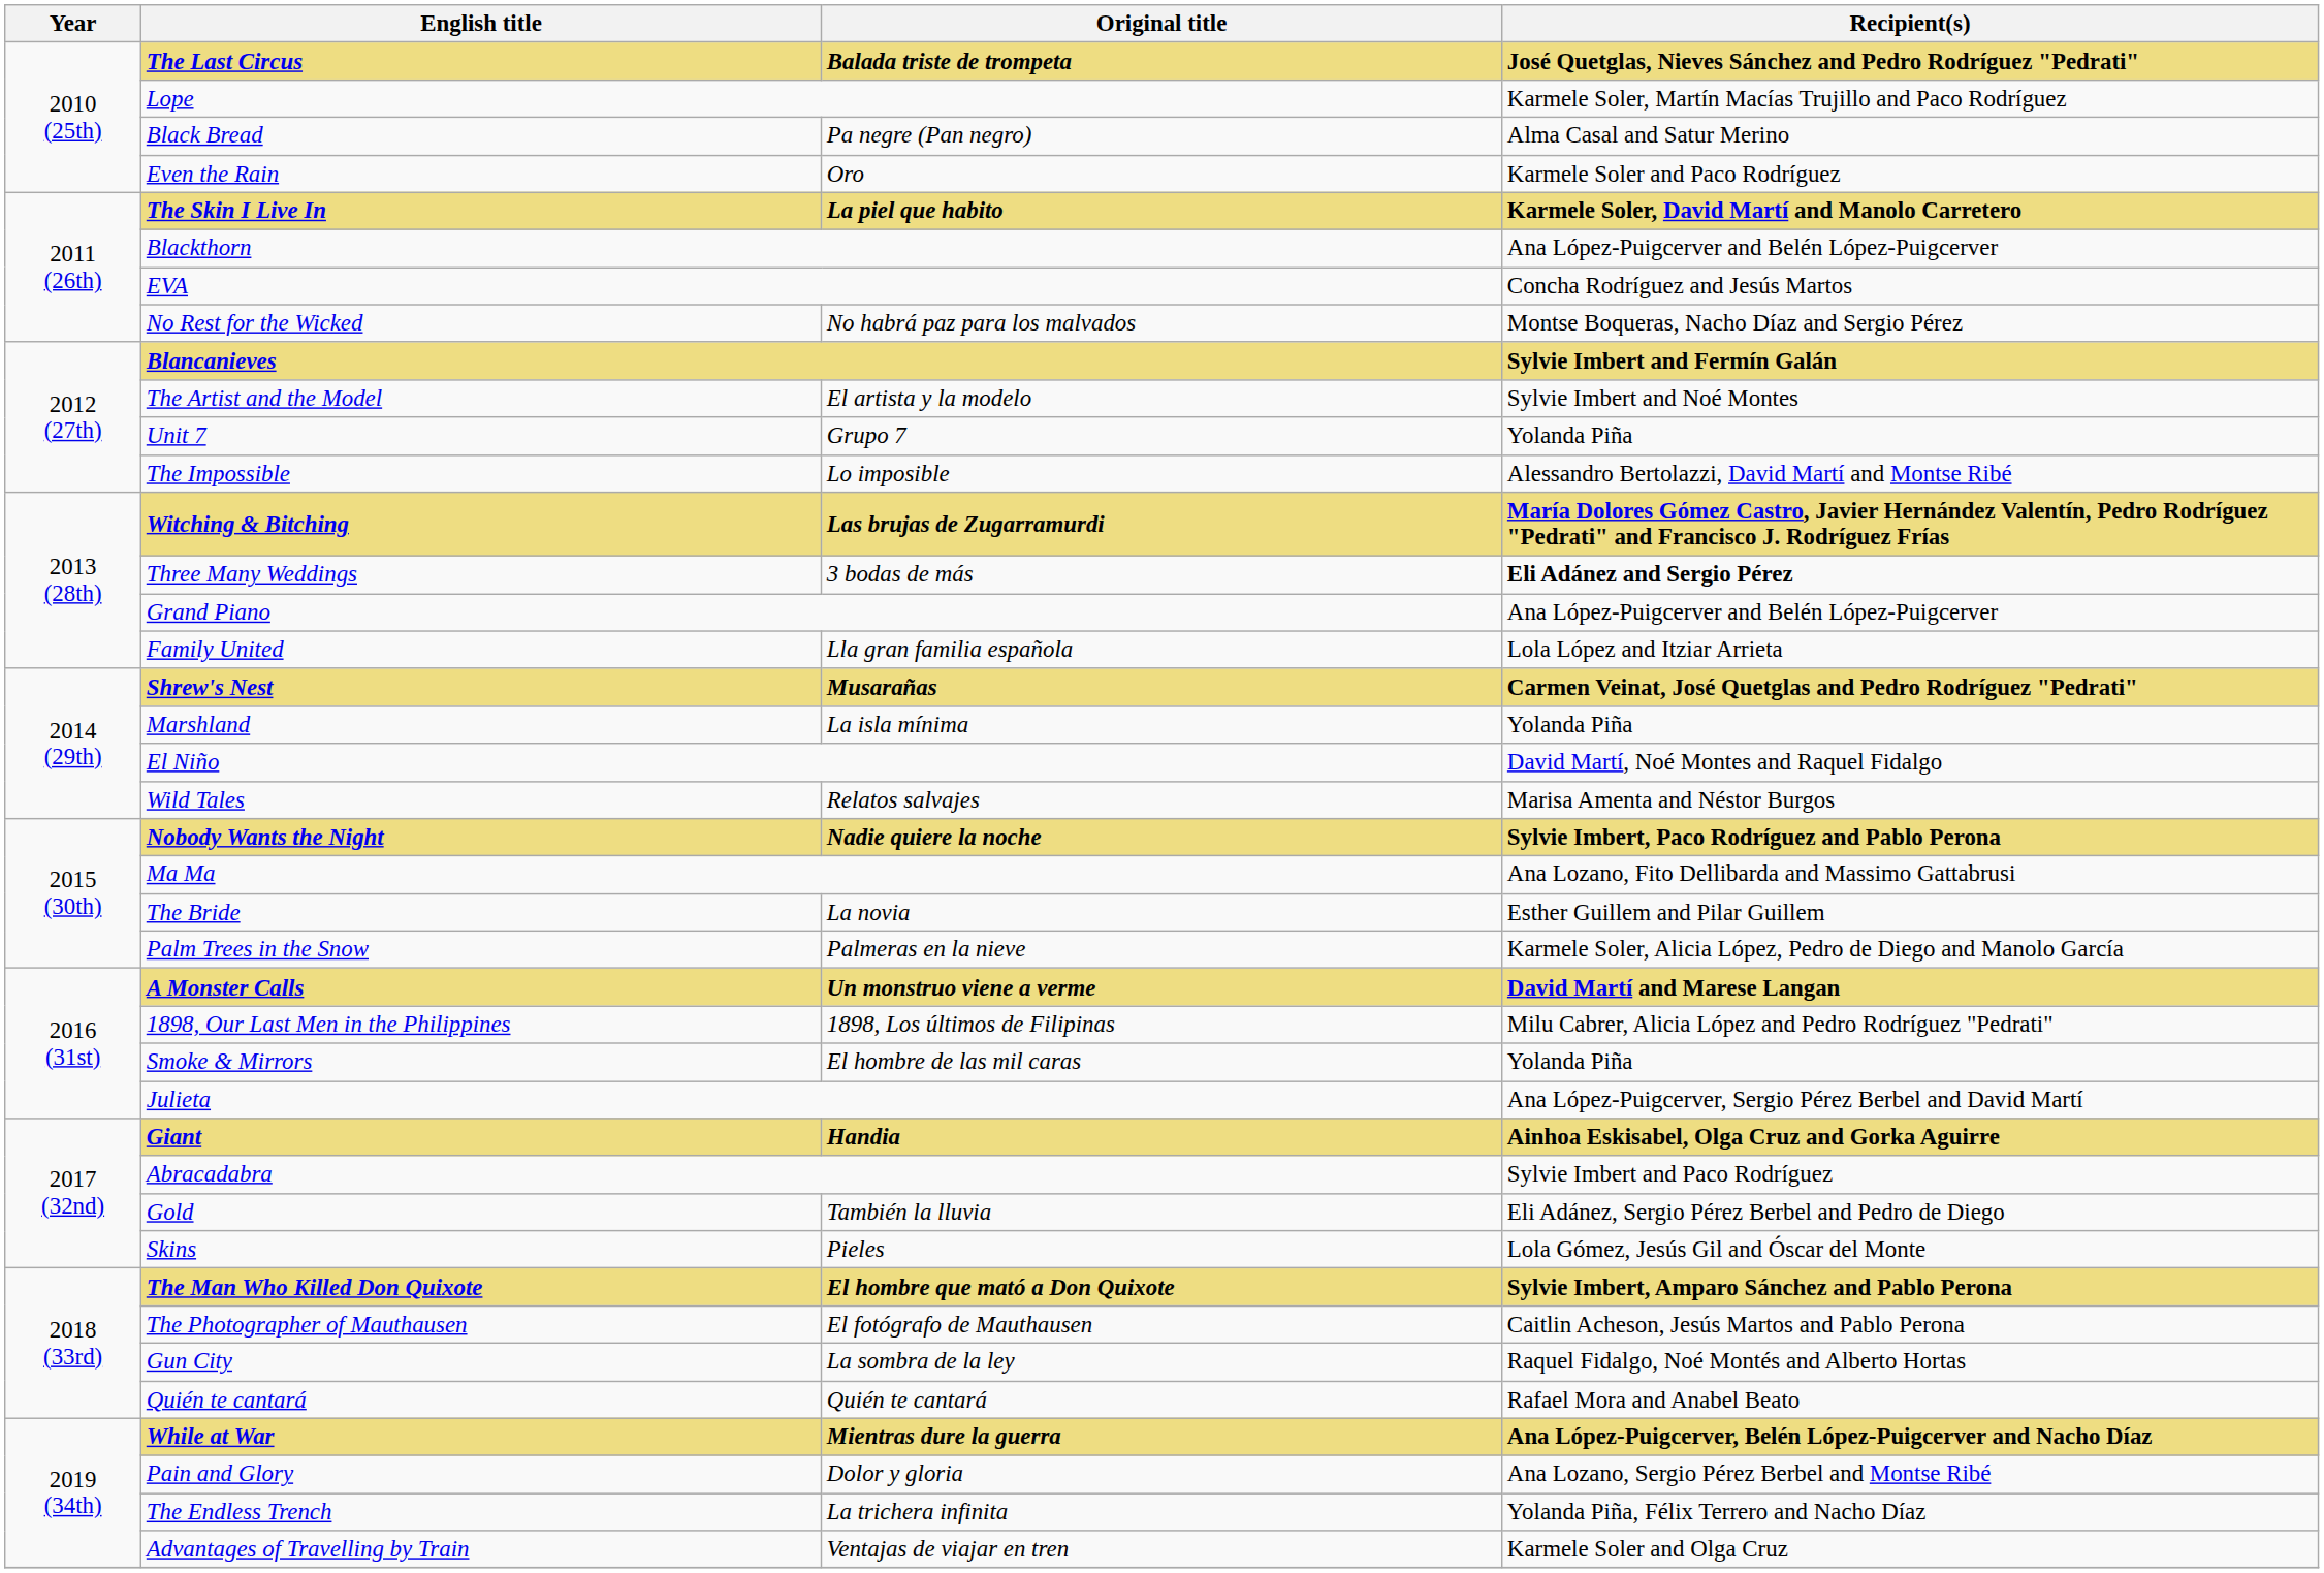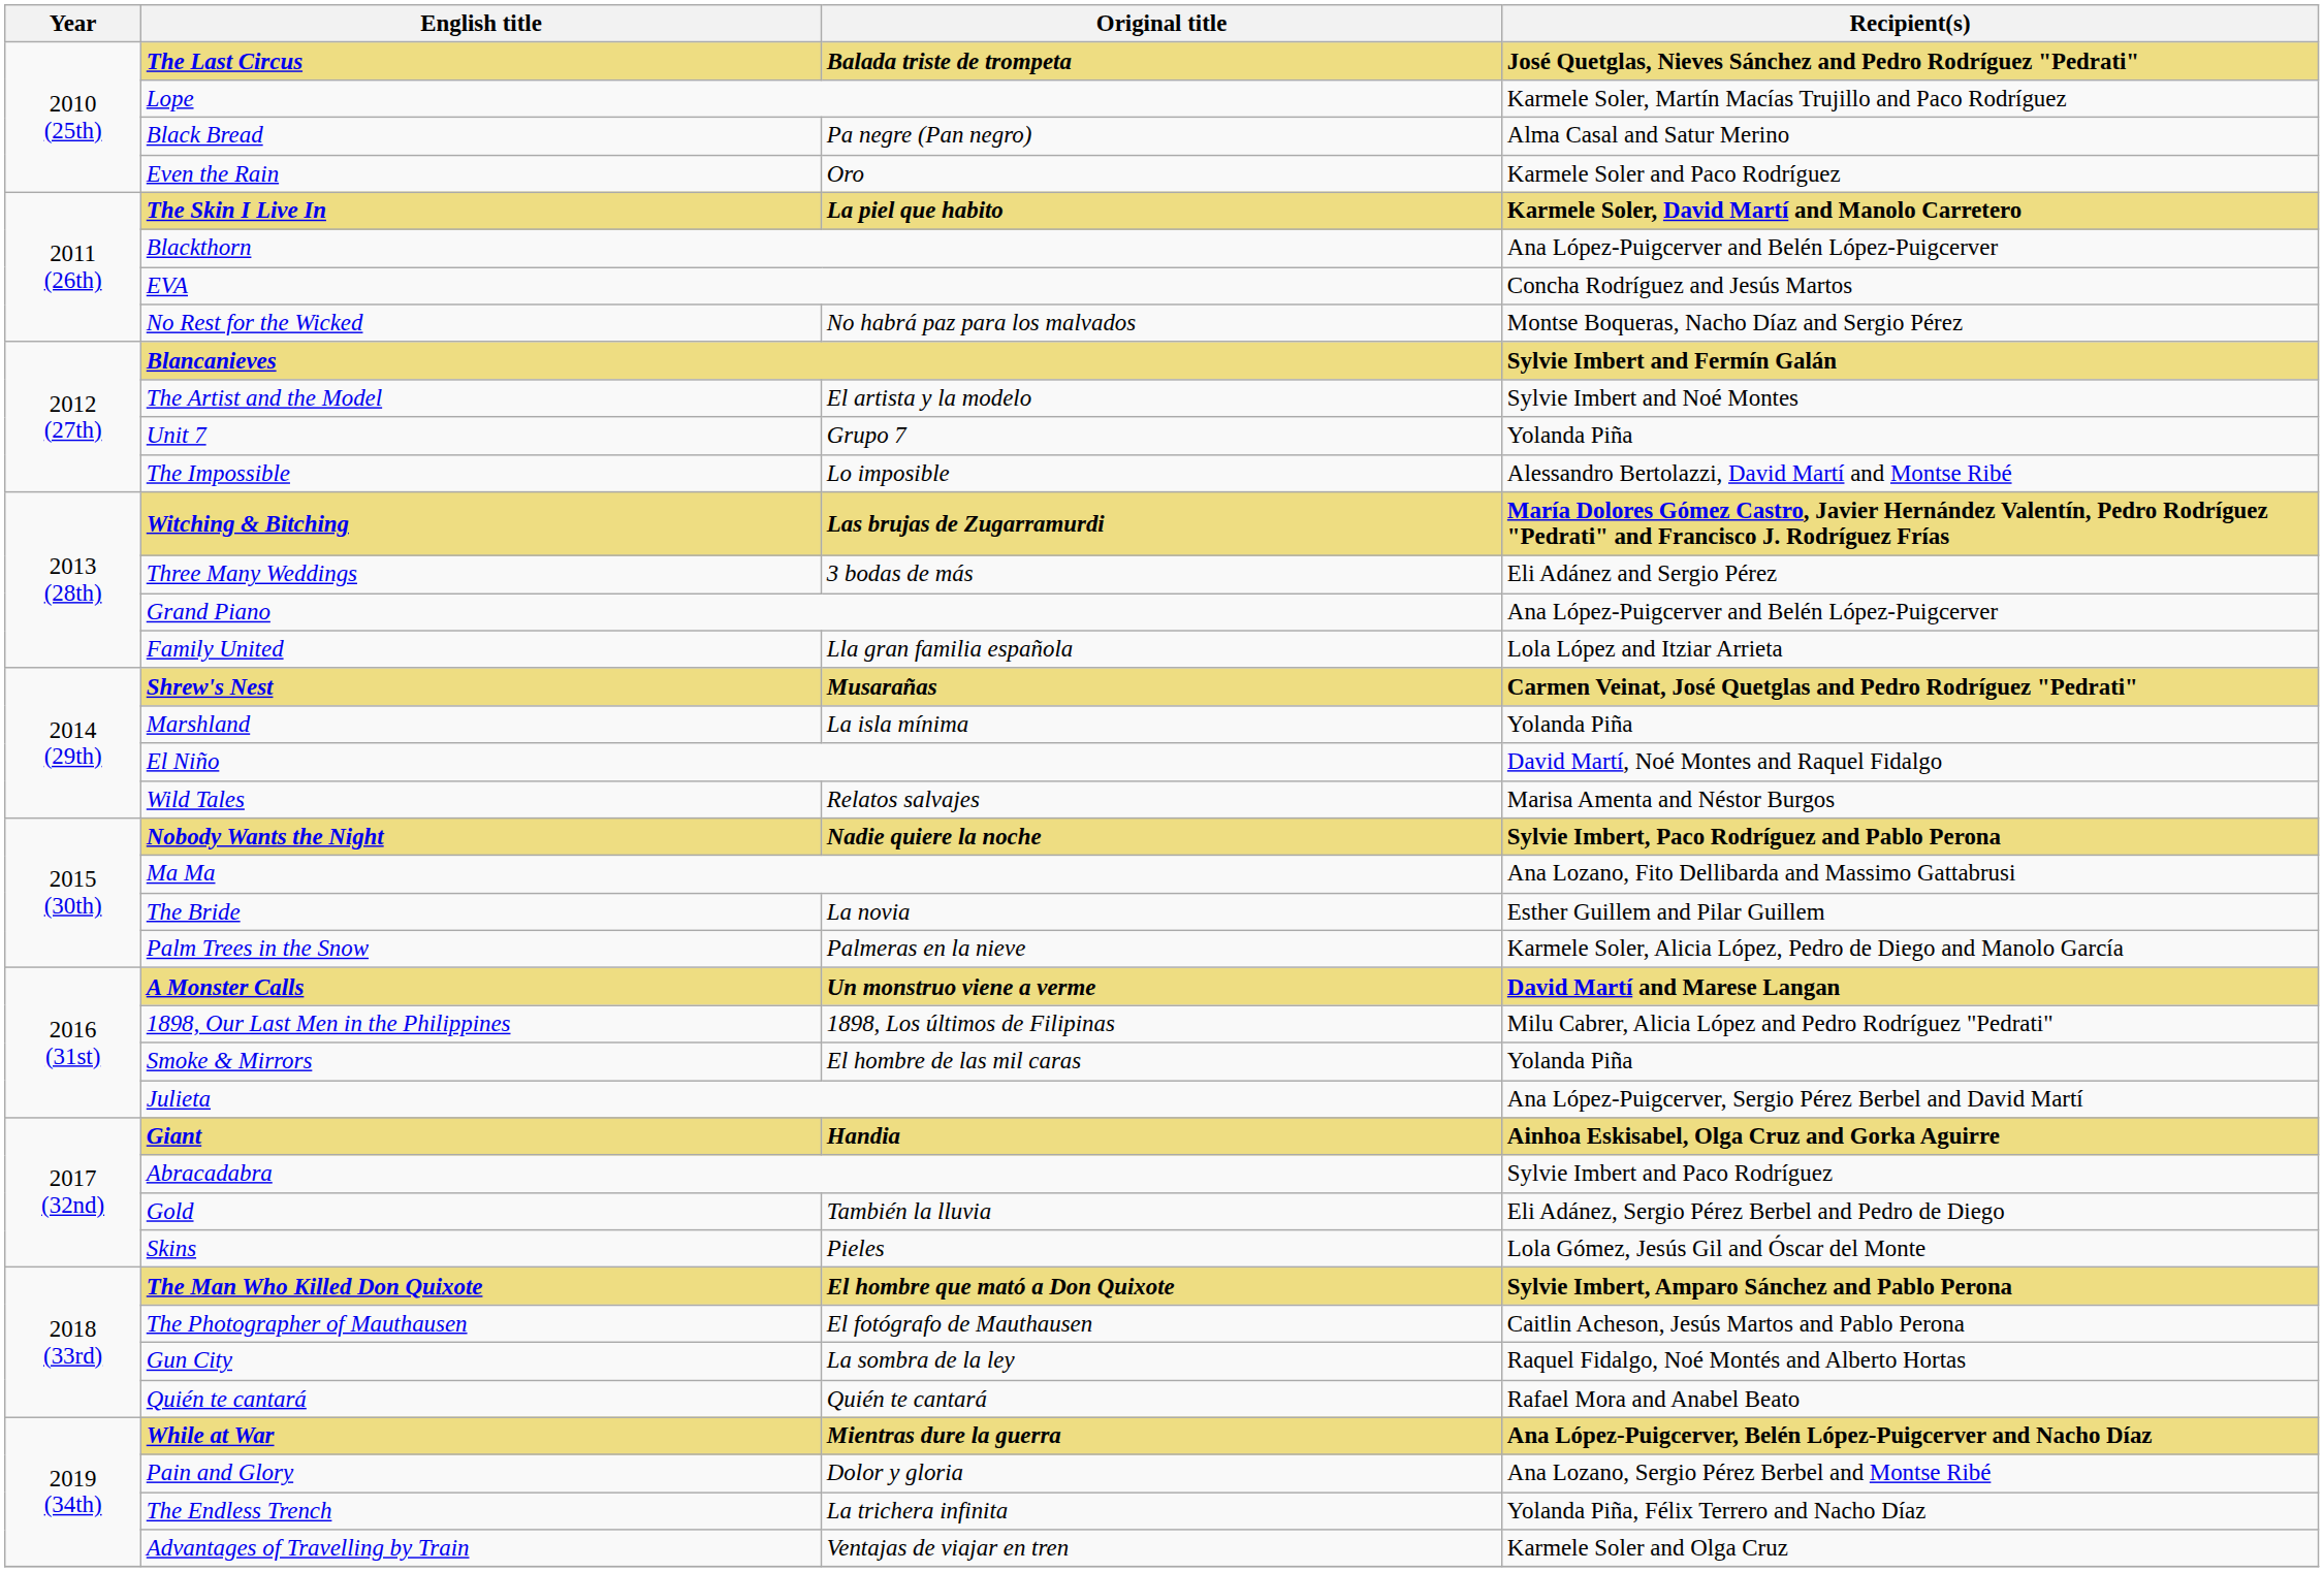 <table class="wikitable sortable" style="text-align:left;"style="width:95%">
 <tr>
 <th scope="col" style="width:5%;">Year</th>
 <th scope="col" style="width:25%;">English title</th>
 <th scope="col" style="width:25%;">Original title</th>
 <th scope="col" style="width:30%;">Recipient(s)</th>
 </tr>
 <tr>
 <td rowspan="4" style="text-align:center;">2010<br><a href='#'>(25th)</a> <br></td>
 <td style="background:#eedd82;"><strong><em><a href='#'>The Last Circus</a></em></strong></td>
 <td style="background:#eedd82;"><strong><em>Balada triste de trompeta</em></strong></td>
 <td style="background:#eedd82;"><strong>José Quetglas, Nieves Sánchez and Pedro Rodríguez "Pedrati"</strong></td>
 </tr>
 <tr>
 <td colspan="2"><em><a href='#'>Lope</a></em></td>
 <td>Karmele Soler, Martín Macías Trujillo and Paco Rodríguez</td>
 </tr>
 <tr>
 <td><em><a href='#'>Black Bread</a></em></td>
 <td><em>Pa negre (Pan negro)</em></td>
 <td>Alma Casal and Satur Merino</td>
 </tr>
 <tr>
 <td><em><a href='#'>Even the Rain</a></em></td>
 <td><em>Oro</em></td>
 <td>Karmele Soler and Paco Rodríguez</td>
 </tr>
 <tr>
 <td rowspan="4" style="text-align:center;">2011<br><a href='#'>(26th)</a> <br></td>
 <td style="background:#eedd82;"><strong><em><a href='#'>The Skin I Live In</a></em></strong></td>
 <td style="background:#eedd82;"><strong><em>La piel que habito</em></strong></td>
 <td style="background:#eedd82;"><strong>Karmele Soler, <a href='#'>David Martí</a> and Manolo Carretero</strong></td>
 </tr>
 <tr>
 <td colspan="2"><em><a href='#'>Blackthorn</a></em></td>
 <td>Ana López-Puigcerver and Belén López-Puigcerver</td>
 </tr>
 <tr>
 <td colspan="2"><em><a href='#'>EVA</a></em></td>
 <td>Concha Rodríguez and Jesús Martos</td>
 </tr>
 <tr>
 <td><em><a href='#'>No Rest for the Wicked</a></em></td>
 <td><em>No habrá paz para los malvados</em></td>
 <td>Montse Boqueras, Nacho Díaz and Sergio Pérez</td>
 </tr>
 <tr>
 <td rowspan="4" style="text-align:center;">2012<br><a href='#'>(27th)</a> <br></td>
 <td colspan="2" style="background:#eedd82;"><strong><em><a href='#'>Blancanieves</a></em></strong></td>
 <td style="background:#eedd82;"><strong>Sylvie Imbert and Fermín Galán</strong></td>
 </tr>
 <tr>
 <td><em><a href='#'>The Artist and the Model</a></em></td>
 <td><em>El artista y la modelo</em></td>
 <td>Sylvie Imbert and Noé Montes</td>
 </tr>
 <tr>
 <td><em><a href='#'>Unit 7</a></em></td>
 <td><em>Grupo 7</em></td>
 <td>Yolanda Piña</td>
 </tr>
 <tr>
 <td><em><a href='#'>The Impossible</a></em></td>
 <td><em>Lo imposible</em></td>
 <td>Alessandro Bertolazzi, <a href='#'>David Martí</a> and <a href='#'>Montse Ribé</a></td>
 </tr>
 <tr>
 <td rowspan="4" style="text-align:center;">2013<br><a href='#'>(28th)</a> <br></td>
 <td style="background:#eedd82;"><strong><em><a href='#'>Witching & Bitching</a></em></strong></td>
 <td style="background:#eedd82;"><strong><em>Las brujas de Zugarramurdi</em></strong></td>
 <td style="background:#eedd82;"><strong><a href='#'>María Dolores Gómez Castro</a>, Javier Hernández Valentín, Pedro Rodríguez "Pedrati" and Francisco J. Rodríguez Frías</strong></td>
 </tr>
 <tr>
 <td><em><a href='#'>Three Many Weddings</a></em></td>
 <td><em>3 bodas de más</em></td>
-<td><strong>Eli Adánez and Sergio Pérez</strong></td>
+<td>Eli Adánez and Sergio Pérez</td>
 </tr>
 <tr>
 <td colspan="2"><em><a href='#'>Grand Piano</a></em></td>
 <td>Ana López-Puigcerver and Belén López-Puigcerver</td>
 </tr>
 <tr>
 <td><em><a href='#'>Family United</a></em></td>
 <td><em>Lla gran familia española</em></td>
 <td>Lola López and Itziar Arrieta</td>
 </tr>
 <tr>
 <td rowspan="4" style="text-align:center;">2014<br><a href='#'>(29th)</a> <br></td>
 <td style="background:#eedd82;"><strong><em><a href='#'>Shrew's Nest</a></em></strong></td>
 <td style="background:#eedd82;"><strong><em>Musarañas</em></strong></td>
 <td style="background:#eedd82;"><strong>Carmen Veinat, José Quetglas and Pedro Rodríguez "Pedrati"</strong></td>
 </tr>
 <tr>
 <td><em><a href='#'>Marshland</a></em></td>
 <td><em>La isla mínima</em></td>
 <td>Yolanda Piña</td>
 </tr>
 <tr>
 <td colspan="2"><em><a href='#'>El Niño</a></em></td>
 <td><a href='#'>David Martí</a>, Noé Montes and Raquel Fidalgo</td>
 </tr>
 <tr>
 <td><em><a href='#'>Wild Tales</a></em></td>
 <td><em>Relatos salvajes</em></td>
 <td>Marisa Amenta and Néstor Burgos</td>
 </tr>
 <tr>
 <td rowspan="4" style="text-align:center;">2015<br><a href='#'>(30th)</a> <br></td>
 <td style="background:#eedd82;"><strong><em><a href='#'>Nobody Wants the Night</a></em></strong></td>
 <td style="background:#eedd82;"><strong><em>Nadie quiere la noche</em></strong></td>
 <td style="background:#eedd82;"><strong>Sylvie Imbert, Paco Rodríguez and Pablo Perona</strong></td>
 </tr>
 <tr>
 <td colspan="2"><em><a href='#'>Ma Ma</a></em></td>
 <td>Ana Lozano, Fito Dellibarda and Massimo Gattabrusi</td>
 </tr>
 <tr>
 <td><em><a href='#'>The Bride</a></em></td>
 <td><em>La novia</em></td>
 <td>Esther Guillem and Pilar Guillem</td>
 </tr>
 <tr>
 <td><em><a href='#'>Palm Trees in the Snow</a></em></td>
 <td><em>Palmeras en la nieve</em></td>
 <td>Karmele Soler, Alicia López, Pedro de Diego and Manolo García</td>
 </tr>
 <tr>
 <td rowspan="4" style="text-align:center;">2016<br><a href='#'>(31st)</a><br></td>
 <td style="background:#eedd82;"><strong><em><a href='#'>A Monster Calls</a></em></strong></td>
 <td style="background:#eedd82;"><strong><em>Un monstruo viene a verme</em></strong></td>
 <td style="background:#eedd82;"><strong><a href='#'>David Martí</a> and Marese Langan</strong></td>
 </tr>
 <tr>
 <td><em><a href='#'>1898, Our Last Men in the Philippines</a></em></td>
 <td><em>1898, Los últimos de Filipinas</em></td>
 <td>Milu Cabrer, Alicia López and Pedro Rodríguez "Pedrati"</td>
 </tr>
 <tr>
 <td><em><a href='#'>Smoke & Mirrors</a></em></td>
 <td><em>El hombre de las mil caras</em></td>
 <td>Yolanda Piña</td>
 </tr>
 <tr>
 <td colspan="2"><em><a href='#'>Julieta</a></em></td>
 <td>Ana López-Puigcerver, Sergio Pérez Berbel and David Martí</td>
 </tr>
 <tr>
 <td rowspan="4" style="text-align:center;">2017<br><a href='#'>(32nd)</a><br></td>
 <td style="background:#eedd82;"><strong><em><a href='#'>Giant</a></em></strong></td>
 <td style="background:#eedd82;"><strong><em>Handia</em></strong></td>
 <td style="background:#eedd82;"><strong> Ainhoa Eskisabel, Olga Cruz and Gorka Aguirre</strong></td>
 </tr>
 <tr>
 <td colspan="2"><em><a href='#'>Abracadabra</a></em></td>
 <td>Sylvie Imbert and Paco Rodríguez</td>
 </tr>
 <tr>
 <td><em><a href='#'>Gold</a></em></td>
 <td><em>También la lluvia</em></td>
 <td>Eli Adánez, Sergio Pérez Berbel and Pedro de Diego</td>
 </tr>
 <tr>
 <td><em><a href='#'>Skins</a></em></td>
 <td><em>Pieles</em></td>
 <td>Lola Gómez, Jesús Gil and Óscar del Monte</td>
 </tr>
 <tr>
 <td rowspan="4" style="text-align:center;">2018<br><a href='#'>(33rd)</a><br></td>
 <td style="background:#eedd82;"><strong><em><a href='#'>The Man Who Killed Don Quixote</a></em></strong></td>
 <td style="background:#eedd82;"><strong><em>El hombre que mató a Don Quixote</em></strong></td>
 <td style="background:#eedd82;"><strong>Sylvie Imbert, Amparo Sánchez and Pablo Perona</strong></td>
 </tr>
 <tr>
 <td><em><a href='#'>The Photographer of Mauthausen</a></em></td>
 <td><em>El fotógrafo de Mauthausen</em></td>
 <td>Caitlin Acheson, Jesús Martos and Pablo Perona</td>
 </tr>
 <tr>
 <td><em><a href='#'>Gun City</a></em></td>
 <td><em>La sombra de la ley</em></td>
 <td>Raquel Fidalgo, Noé Montés and Alberto Hortas</td>
 </tr>
 <tr>
 <td><em><a href='#'>Quién te cantará</a></em></td>
 <td><em>Quién te cantará</em></td>
 <td>Rafael Mora and Anabel Beato</td>
 </tr>
 <tr>
 <td rowspan="4" style="text-align:center;">2019<br><a href='#'>(34th)</a><br></td>
 <td style="background:#eedd82;"><strong><em><a href='#'>While at War</a></em></strong></td>
 <td style="background:#eedd82;"><strong><em>Mientras dure la guerra</em></strong></td>
 <td style="background:#eedd82;"><strong>Ana López-Puigcerver, Belén López-Puigcerver and Nacho Díaz</strong></td>
 </tr>
 <tr>
 <td><em><a href='#'>Pain and Glory</a></em></td>
 <td><em>Dolor y gloria</em></td>
 <td>Ana Lozano, Sergio Pérez Berbel and <a href='#'>Montse Ribé</a></td>
 </tr>
 <tr>
 <td><em><a href='#'>The Endless Trench</a></em></td>
 <td><em>La trichera infinita</em></td>
 <td>Yolanda Piña, Félix Terrero and Nacho Díaz</td>
 </tr>
 <tr>
 <td><em><a href='#'>Advantages of Travelling by Train</a></em></td>
 <td><em>Ventajas de viajar en tren</em></td>
 <td>Karmele Soler and Olga Cruz</td>
 </tr>
 <tr>
 </tr>
 </table>
